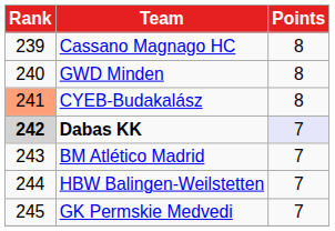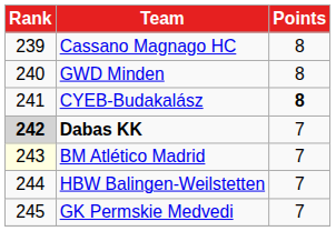 <table class="wikitable" style="text-align: center">
 <tr>
 <th style="color:white; background:#E62020">Rank</th>
 <th style="color:white; background:#E62020">Team</th>
 <th style="color:white; background:#E62020">Points</th>
 </tr>
 <tr>
 <td>239</td>
 <td align=left> <a href='#'>Cassano Magnago HC</a></td>
 <td>8</td>
 </tr>
 <tr>
 <td>240</td>
 <td align=left> <a href='#'>GWD Minden</a></td>
 <td>8</td>
 </tr>
 <tr>
-<td style="background: lightsalmon;">241</td>
+<td>241</td>
 <td align=left> <a href='#'>CYEB-Budakalász</a></td>
-<td>8</td>
+<td><strong>8</strong></td>
 </tr>
 <tr>
 <td style="background: lightgrey;"><strong>242</strong></td>
 <td align=left> <strong>Dabas KK</strong></td>
-<td style="background: lavender;">7</td>
+<td>7</td>
 </tr>
 <tr>
-<td>243</td>
+<td style="background: lightyellow;">243</td>
 <td align=left> <a href='#'>BM Atlético Madrid</a></td>
 <td>7</td>
 </tr>
 <tr>
 <td>244</td>
 <td align=left> <a href='#'>HBW Balingen-Weilstetten</a></td>
 <td>7</td>
 </tr>
 <tr>
 <td>245</td>
 <td align=left> <a href='#'>GK Permskie Medvedi</a></td>
 <td>7</td>
 </tr>
 <tr>
 </tr>
 </table>
